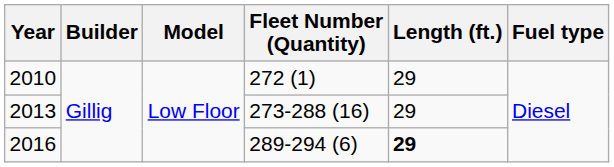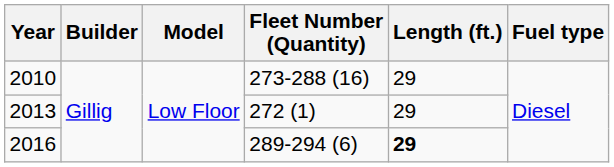 <table class="wikitable">
 <tr>
 <th>Year</th>
 <th>Builder</th>
 <th>Model</th>
 <th>Fleet Number<br>(Quantity)</th>
 <th>Length (ft.)</th>
 <th>Fuel type</th>
 </tr>
 <tr>
 <td>2010</td>
 <td rowspan=3><a href='#'>Gillig</a></td>
 <td rowspan=3><a href='#'>Low Floor</a></td>
-<td>272 (1)</td>
+<td>273-288 (16)</td>
 <td>29</td>
 <td rowspan=3><a href='#'>Diesel</a></td>
 </tr>
 <tr>
 <td>2013</td>
-<td>273-288 (16)</td>
+<td>272 (1)</td>
 <td>29</td>
 </tr>
 <tr>
 <td>2016</td>
 <td>289-294 (6)</td>
 <td><strong>29</strong></td>
 </tr>
 </table>
